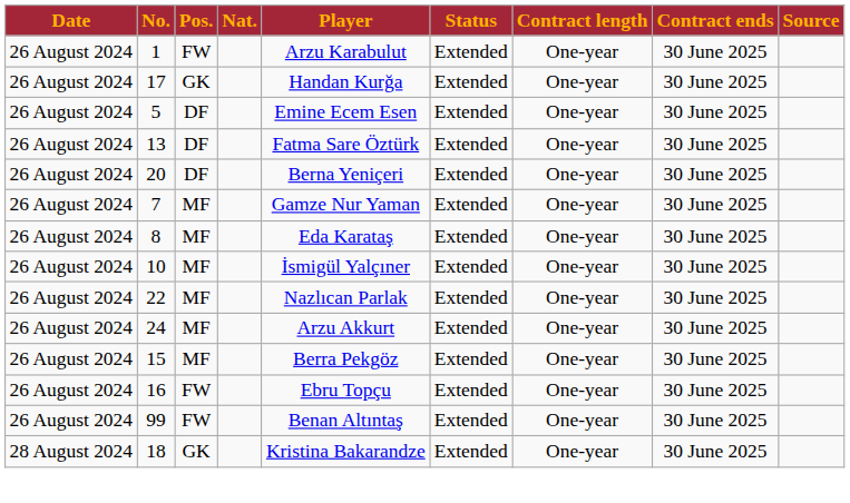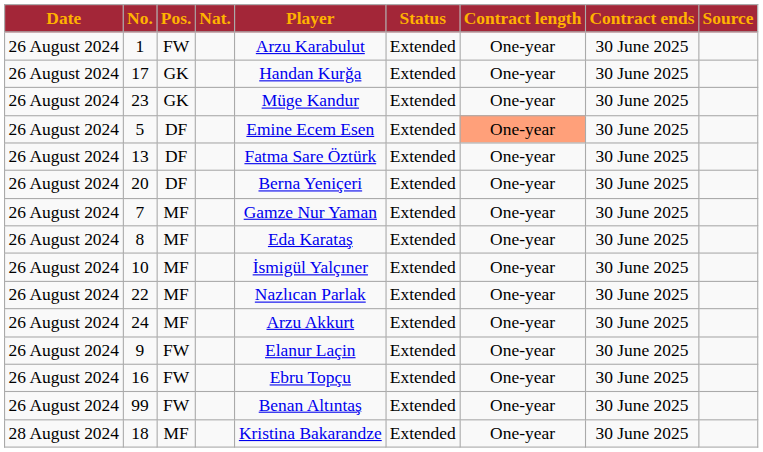 <table class="wikitable plainrowheaders sortable" style="text-align: center;">
 <tr>
 <th style="background:#A32638; color:#FFB300; ">Date</th>
 <th style="background:#A32638; color:#FFB300; ">No.</th>
 <th style="background:#A32638; color:#FFB300; ">Pos.</th>
 <th style="background:#A32638; color:#FFB300; ">Nat.</th>
 <th style="background:#A32638; color:#FFB300; ">Player</th>
 <th style="background:#A32638; color:#FFB300; ">Status</th>
 <th style="background:#A32638; color:#FFB300; ">Contract length</th>
 <th style="background:#A32638; color:#FFB300; ">Contract ends</th>
 <th style="background:#A32638; color:#FFB300; ">Source</th>
 </tr>
 <tr>
 <td>26 August 2024</td>
 <td align=center>1</td>
 <td align=center>FW</td>
 <td align=center></td>
 <td><a href='#'>Arzu Karabulut</a></td>
 <td>Extended</td>
 <td>One-year</td>
 <td>30 June 2025</td>
 <td></td>
 </tr>
 <tr>
 <td>26 August 2024</td>
 <td align=center>17</td>
 <td align=center>GK</td>
 <td align=center></td>
 <td><a href='#'>Handan Kurğa</a></td>
 <td>Extended</td>
 <td>One-year</td>
 <td>30 June 2025</td>
 <td></td>
 </tr>
 <tr>
 <td>26 August 2024</td>
+<td align=center>23</td>
+<td align=center>GK</td>
+<td align=center></td>
+<td><a href='#'>Müge Kandur</a></td>
+<td>Extended</td>
+<td>One-year</td>
+<td>30 June 2025</td>
+<td></td>
+</tr>
+<tr>
+<td>26 August 2024</td>
 <td align=center>5</td>
 <td align=center>DF</td>
 <td align=center></td>
 <td><a href='#'>Emine Ecem Esen</a></td>
 <td>Extended</td>
-<td>One-year</td>
+<td style="background: lightsalmon;">One-year</td>
 <td>30 June 2025</td>
 <td></td>
 </tr>
 <tr>
 <td>26 August 2024</td>
 <td align=center>13</td>
 <td align=center>DF</td>
 <td align=center></td>
 <td><a href='#'>Fatma Sare Öztürk</a></td>
 <td>Extended</td>
 <td>One-year</td>
 <td>30 June 2025</td>
 <td></td>
 </tr>
 <tr>
 <td>26 August 2024</td>
 <td align=center>20</td>
 <td align=center>DF</td>
 <td align=center></td>
 <td><a href='#'>Berna Yeniçeri</a></td>
 <td>Extended</td>
 <td>One-year</td>
 <td>30 June 2025</td>
 <td></td>
 </tr>
 <tr>
 <td>26 August 2024</td>
 <td align=center>7</td>
 <td align=center>MF</td>
 <td align=center></td>
 <td><a href='#'>Gamze Nur Yaman</a></td>
 <td>Extended</td>
 <td>One-year</td>
 <td>30 June 2025</td>
 <td></td>
 </tr>
 <tr>
 <td>26 August 2024</td>
 <td align=center>8</td>
 <td align=center>MF</td>
 <td align=center></td>
 <td><a href='#'>Eda Karataş</a></td>
 <td>Extended</td>
 <td>One-year</td>
 <td>30 June 2025</td>
 <td></td>
 </tr>
 <tr>
 <td>26 August 2024</td>
 <td align=center>10</td>
 <td align=center>MF</td>
 <td align=center></td>
 <td><a href='#'>İsmigül Yalçıner</a></td>
 <td>Extended</td>
 <td>One-year</td>
 <td>30 June 2025</td>
 <td></td>
 </tr>
 <tr>
 <td>26 August 2024</td>
 <td align=center>22</td>
 <td align=center>MF</td>
 <td align=center></td>
 <td><a href='#'>Nazlıcan Parlak</a></td>
 <td>Extended</td>
 <td>One-year</td>
 <td>30 June 2025</td>
 <td></td>
 </tr>
 <tr>
 <td>26 August 2024</td>
 <td align=center>24</td>
 <td align=center>MF</td>
 <td align=center></td>
 <td><a href='#'>Arzu Akkurt</a></td>
 <td>Extended</td>
 <td>One-year</td>
 <td>30 June 2025</td>
 <td></td>
 </tr>
 <tr>
 <td>26 August 2024</td>
-<td align=center>15</td>
-<td align=center>MF</td>
+<td align=center>9</td>
+<td align=center>FW</td>
 <td align=center></td>
-<td><a href='#'>Berra Pekgöz</a></td>
+<td><a href='#'>Elanur Laçin</a></td>
 <td>Extended</td>
 <td>One-year</td>
 <td>30 June 2025</td>
 <td></td>
 </tr>
 <tr>
 <td>26 August 2024</td>
 <td align=center>16</td>
 <td align=center>FW</td>
 <td align=center></td>
 <td><a href='#'>Ebru Topçu</a></td>
 <td>Extended</td>
 <td>One-year</td>
 <td>30 June 2025</td>
 <td></td>
 </tr>
 <tr>
 <td>26 August 2024</td>
 <td align=center>99</td>
 <td align=center>FW</td>
 <td align=center></td>
 <td><a href='#'>Benan Altıntaş</a></td>
 <td>Extended</td>
 <td>One-year</td>
 <td>30 June 2025</td>
 <td></td>
 </tr>
 <tr>
 <td>28 August 2024</td>
 <td align=center>18</td>
-<td align=center>GK</td>
+<td align=center>MF</td>
 <td align=center></td>
 <td><a href='#'>Kristina Bakarandze</a></td>
 <td>Extended</td>
 <td>One-year</td>
 <td>30 June 2025</td>
 <td></td>
 </tr>
 </table>
